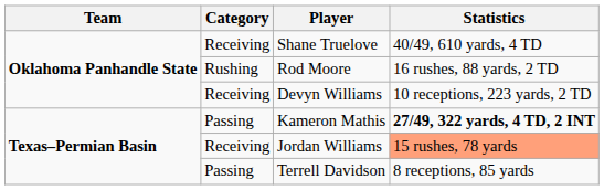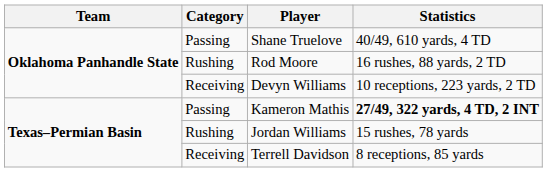 <table class="wikitable" style="float: left;">
 <tr>
 <th>Team</th>
 <th>Category</th>
 <th>Player</th>
 <th>Statistics</th>
 </tr>
 <tr>
 <td rowspan=3><strong>Oklahoma Panhandle State</strong></td>
-<td>Receiving</td>
+<td>Passing</td>
 <td>Shane Truelove</td>
 <td>40/49, 610 yards, 4 TD</td>
 </tr>
 <tr>
 <td>Rushing</td>
 <td>Rod Moore</td>
 <td>16 rushes, 88 yards, 2 TD</td>
 </tr>
 <tr>
 <td>Receiving</td>
 <td>Devyn Williams</td>
 <td>10 receptions, 223 yards, 2 TD</td>
 </tr>
 <tr>
 <td rowspan=3><strong>Texas–Permian Basin</strong></td>
 <td>Passing</td>
 <td>Kameron Mathis</td>
 <td><strong>27/49, 322 yards, 4 TD, 2 INT</strong></td>
 </tr>
 <tr>
-<td>Receiving</td>
+<td>Rushing</td>
 <td>Jordan Williams</td>
-<td style="background: lightsalmon;">15 rushes, 78 yards</td>
+<td>15 rushes, 78 yards</td>
 </tr>
 <tr>
-<td>Passing</td>
+<td>Receiving</td>
 <td>Terrell Davidson</td>
 <td>8 receptions, 85 yards</td>
 </tr>
 </table>
